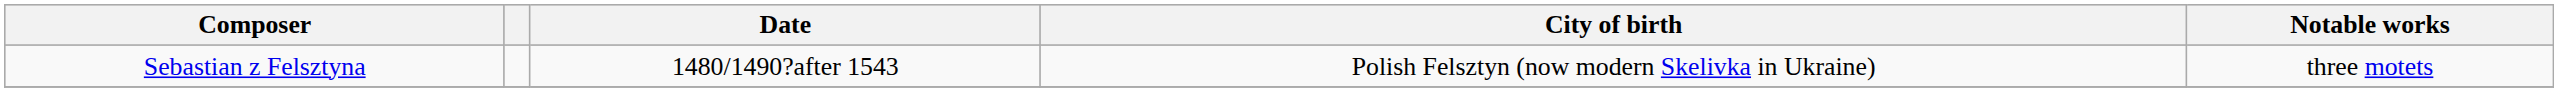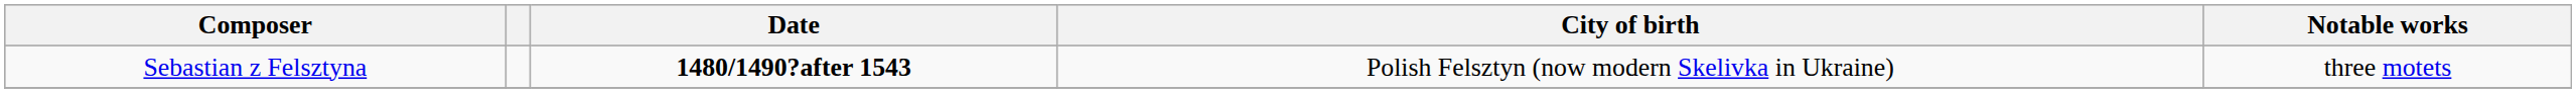 <table class="wikitable sortable" style="width:100%; text-align: center">
 <tr>
 <th>Composer</th>
 <th></th>
 <th>Date</th>
 <th>City of birth</th>
 <th>Notable works</th>
 </tr>
 <tr>
 <td><a href='#'>Sebastian z Felsztyna</a></td>
 <td></td>
-<td>1480/1490?after 1543</td>
+<td><strong>1480/1490?after 1543</strong></td>
 <td>Polish Felsztyn (now modern <a href='#'>Skelivka</a> in Ukraine)</td>
 <td>three <a href='#'>motets</a></td>
 </tr>
 <tr>
 </tr>
 </table>
